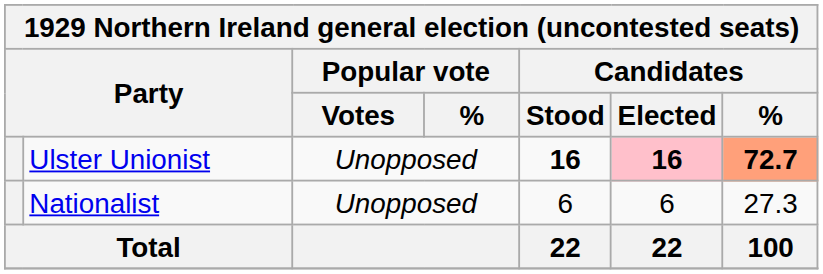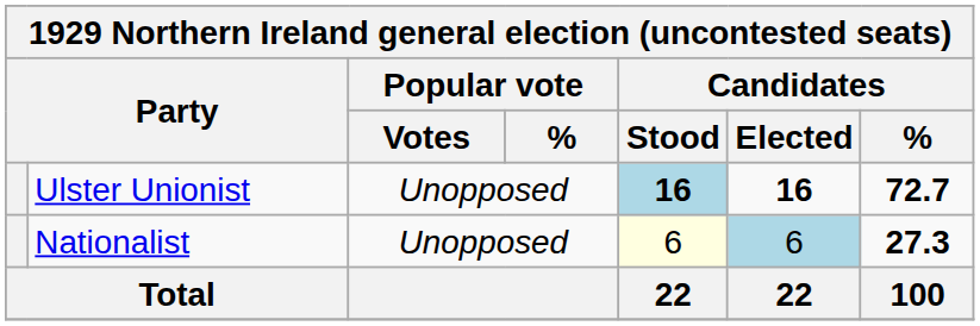 <table class="wikitable" style="font-size:95%">
 <tr>
 <th colspan="16" style="background-color:#f2f2f2">1929 Northern Ireland general election (uncontested seats)</th>
 </tr>
 <tr style="vertical-align:center;">
 <th style="width:150px;" "vertical-align:center;" rowspan="2" colspan="2">Party</th>
 <th colspan="2" style="width: 30px">Popular vote</th>
 <th colspan="3" style="width: 30px">Candidates</th>
 </tr>
 <tr>
 <th style="width:65px;">Votes</th>
 <th style="width:45px;">%</th>
 <th>Stood</th>
 <th>Elected</th>
 <th style="width:45px;">%</th>
 </tr>
 <tr>
 <th></th>
 <td><a href='#'>Ulster Unionist</a></td>
 <td align="center" colspan="2"><em>Unopposed</em></td>
+<td align="center" style="background: lightblue;"><strong>16</strong></td>
 <td align="center"><strong>16</strong></td>
-<td align="center" style="background: pink;"><strong>16</strong></td>
-<td align="center" style="background: lightsalmon;"><strong>72.7</strong></td>
+<td align="center"><strong>72.7</strong></td>
 </tr>
 <tr>
 <th></th>
 <td><a href='#'>Nationalist</a></td>
 <td align="center" colspan="2"><em>Unopposed</em></td>
-<td align="center">6</td>
-<td align="center">6</td>
-<td align="center">27.3</td>
+<td align="center" style="background: lightyellow;">6</td>
+<td align="center" style="background: lightblue;">6</td>
+<td align="center"><strong>27.3</strong></td>
 </tr>
 <tr>
 <th style="width:150px;" "vertical-align:center;" colspan="2">Total</th>
 <th align="center" colspan="2"></th>
 <th align="center">22</th>
 <th align="center">22</th>
 <th align="center">100</th>
 </tr>
 <tr>
 </tr>
 </table>
